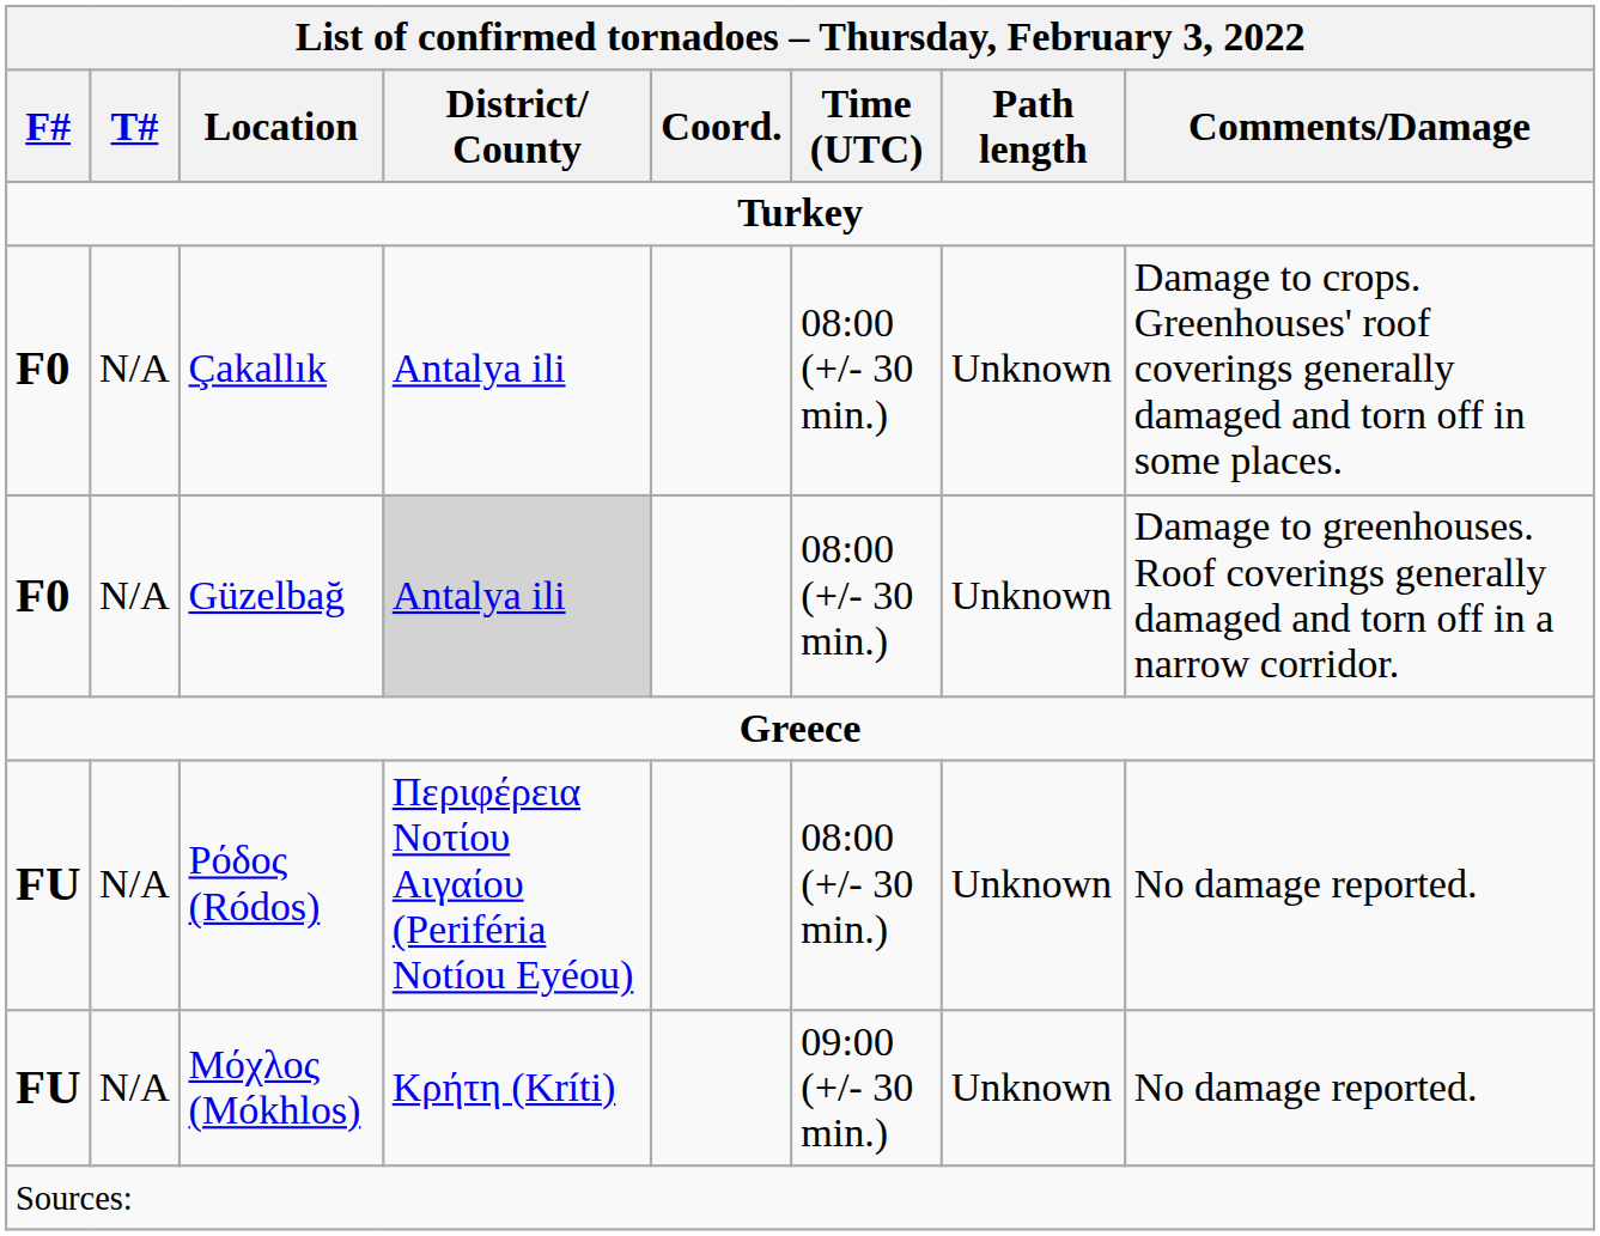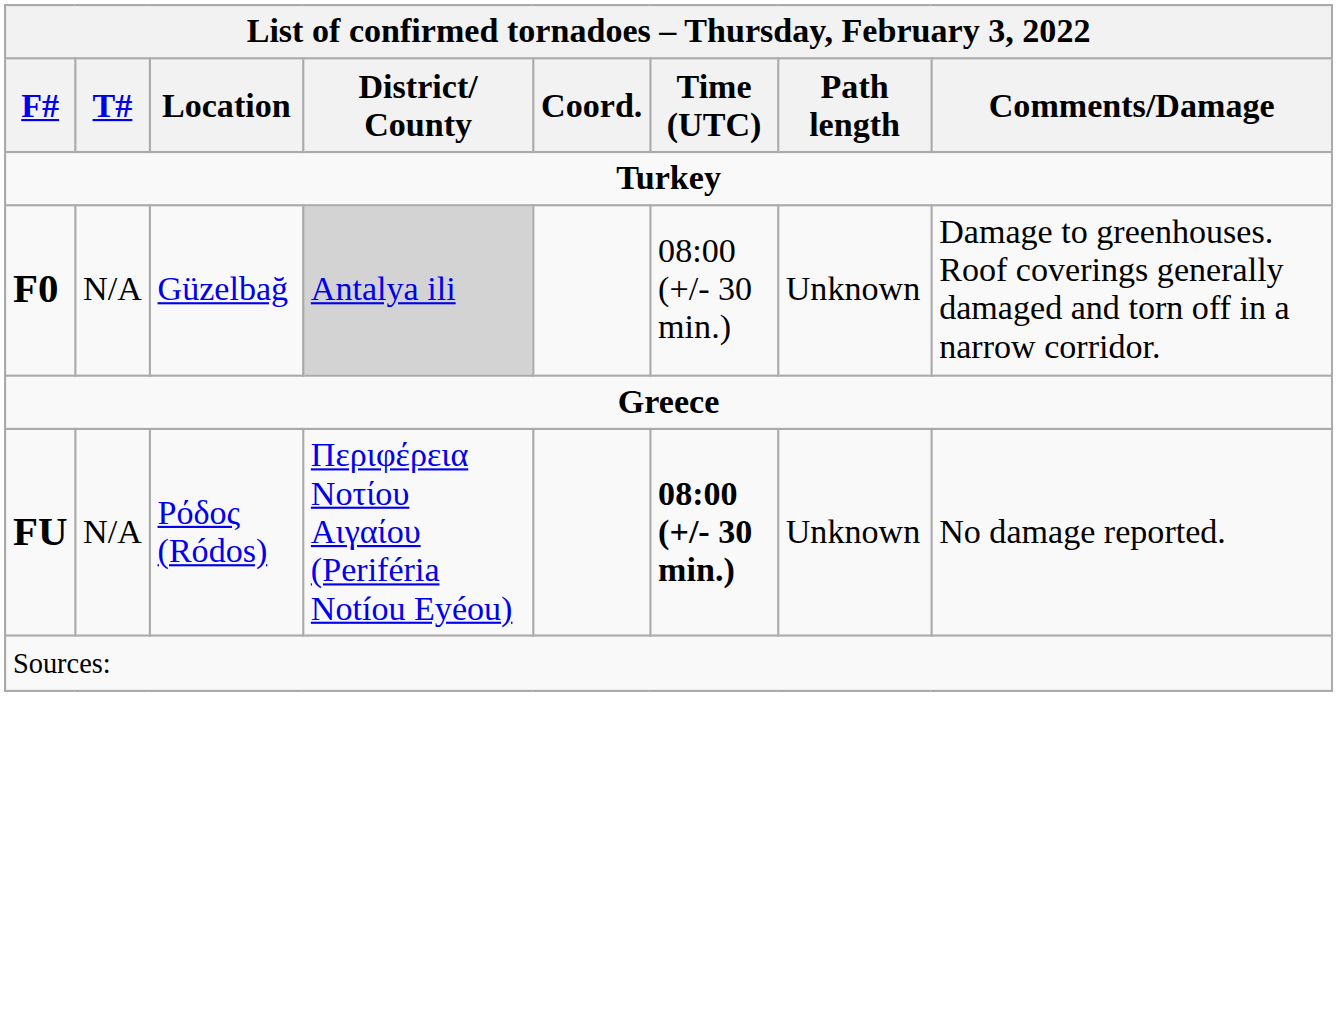 <table class="wikitable collapsible" width="100%">
 <tr>
 <th colspan="8">List of confirmed tornadoes – Thursday, February 3, 2022</th>
 </tr>
 <tr>
 <th><a href='#'>F#</a></th>
 <th><a href='#'>T#</a></th>
 <th>Location</th>
 <th>District/<br>County</th>
 <th>Coord.</th>
 <th>Time (UTC)</th>
 <th>Path length</th>
 <th>Comments/Damage</th>
 </tr>
 <tr>
 <td colspan="8" align=center><strong>Turkey</strong></td>
 </tr>
 <tr>
 <td><big><strong>F0</strong></big></td>
 <td>N/A</td>
-<td><a href='#'>Çakallık</a></td>
-<td><a href='#'>Antalya ili</a></td>
-<td></td>
-<td>08:00 (+/- 30 min.)</td>
-<td>Unknown</td>
-<td>Damage to crops. Greenhouses' roof coverings generally damaged and torn off in some places.</td>
-</tr>
-<tr>
-<td><big><strong>F0</strong></big></td>
-<td>N/A</td>
 <td><a href='#'>Güzelbağ</a></td>
 <td style="background: lightgrey;"><a href='#'>Antalya ili</a></td>
 <td></td>
 <td>08:00 (+/- 30 min.)</td>
 <td>Unknown</td>
 <td>Damage to greenhouses. Roof coverings generally damaged and torn off in a narrow corridor.</td>
 </tr>
 <tr>
 <td colspan="8" align=center><strong>Greece</strong></td>
 </tr>
 <tr>
 <td><big><strong>FU</strong></big></td>
 <td>N/A</td>
 <td><a href='#'>Ρόδος (Ródos)</a></td>
 <td><a href='#'>Περιφέρεια Νοτίου Αιγαίου (Periféria Notíou Eyéou)</a></td>
 <td></td>
-<td>08:00 (+/- 30 min.)</td>
-<td>Unknown</td>
-<td>No damage reported.</td>
-</tr>
-<tr>
-<td><big><strong>FU</strong></big></td>
-<td>N/A</td>
-<td><a href='#'>Μόχλος (Mókhlos)</a></td>
-<td><a href='#'>Κρήτη (Kríti)</a></td>
-<td></td>
-<td>09:00 (+/- 30 min.)</td>
+<td><strong>08:00 (+/- 30 min.)</strong></td>
 <td>Unknown</td>
 <td>No damage reported.</td>
 </tr>
 <tr>
 <td colspan="8"><small>Sources:  </small></td>
 </tr>
 </table>
